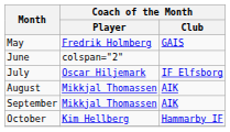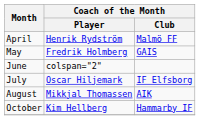 <table class="wikitable">
 <tr>
 <th rowspan="2">Month</th>
 <th colspan="2">Coach of the Month</th>
 </tr>
 <tr>
 <th>Player</th>
 <th>Club</th>
+</tr>
+<tr>
+<td>April</td>
+<td> <a href='#'>Henrik Rydström</a></td>
+<td><a href='#'>Malmö FF</a></td>
 </tr>
 <tr>
 <td>May</td>
 <td> <a href='#'>Fredrik Holmberg</a></td>
 <td><a href='#'>GAIS</a></td>
 </tr>
 <tr>
 <td>June</td>
 <td>colspan="2" </td>
 </tr>
 <tr>
 <td>July</td>
 <td> <a href='#'>Oscar Hiljemark</a></td>
 <td><a href='#'>IF Elfsborg</a></td>
 </tr>
 <tr>
 <td>August</td>
 <td> <a href='#'>Mikkjal Thomassen</a></td>
 <td><a href='#'>AIK</a></td>
 </tr>
 <tr>
-<td>September</td>
-<td> <a href='#'>Mikkjal Thomassen</a></td>
-<td><a href='#'>AIK</a></td>
-</tr>
-<tr>
 <td>October</td>
 <td> <a href='#'>Kim Hellberg</a></td>
 <td><a href='#'>Hammarby IF</a></td>
 </tr>
 <tr>
 </tr>
 </table>
